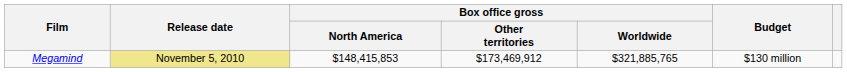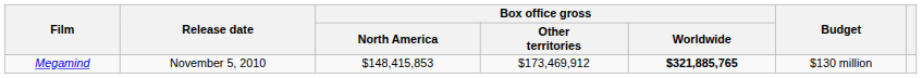 <table class="wikitable" width=99% border="1" style="text-align: center;">
 <tr>
 <th rowspan="2">Film</th>
 <th rowspan="2">Release date</th>
 <th colspan="3">Box office gross</th>
 <th rowspan="2">Budget</th>
 <th rowspan="2"></th>
 </tr>
 <tr>
 <th>North America</th>
 <th>Other <br>territories</th>
 <th>Worldwide</th>
 </tr>
 <tr>
 <td><em><a href='#'>Megamind</a></em></td>
-<td style="background: khaki;">November 5, 2010</td>
+<td>November 5, 2010</td>
 <td>$148,415,853</td>
 <td>$173,469,912</td>
-<td>$321,885,765</td>
+<td><strong>$321,885,765</strong></td>
 <td>$130 million</td>
 <td></td>
 </tr>
 </table>
